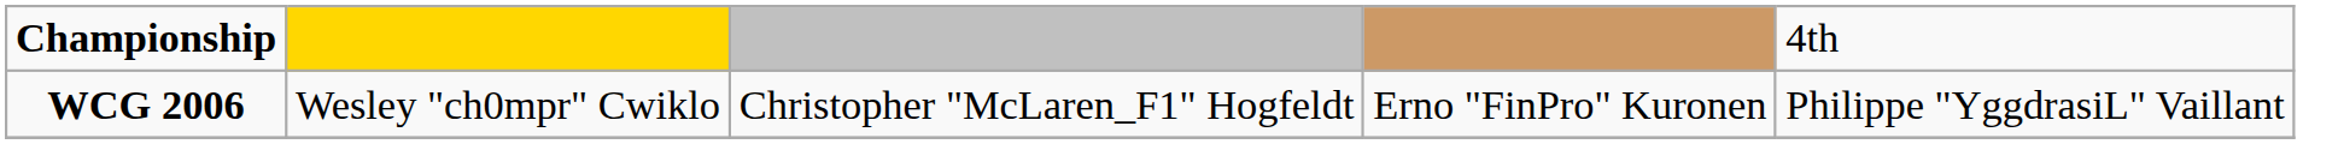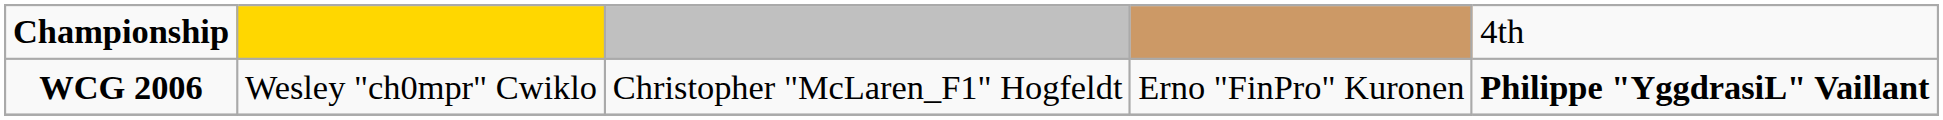 <table class="wikitable" style="text-align:left">
 <tr>
 <td style="text-align:center"><strong>Championship</strong></td>
 <td style="text-align:center" bgcolor="gold"></td>
 <td style="text-align:center" bgcolor="silver"></td>
 <td style="text-align:center" bgcolor="CC9966"></td>
 <td>4th</td>
 </tr>
 <tr>
 <td style="text-align:center"><strong>WCG 2006</strong></td>
 <td> Wesley "ch0mpr" Cwiklo</td>
 <td> Christopher "McLaren_F1" Hogfeldt</td>
 <td> Erno "FinPro" Kuronen</td>
-<td> Philippe "YggdrasiL" Vaillant</td>
+<td><strong> Philippe "YggdrasiL" Vaillant</strong></td>
 </tr>
 <tr>
 </tr>
 </table>
